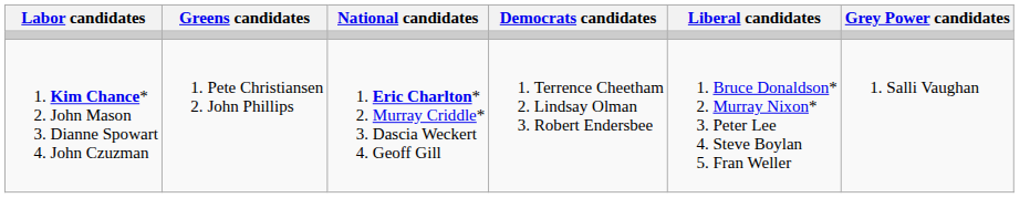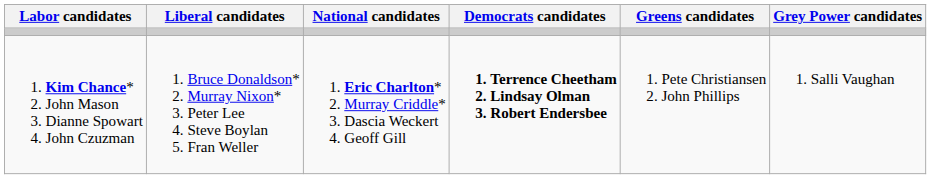 <table class="wikitable">
 <tr>
 <th><a href='#'>Labor</a> candidates</th>
-<th><a href='#'>Greens</a> candidates</th>
+<th><a href='#'>Liberal</a> candidates</th>
 <th><a href='#'>National</a> candidates</th>
 <th><a href='#'>Democrats</a> candidates</th>
-<th><a href='#'>Liberal</a> candidates</th>
+<th><a href='#'>Greens</a> candidates</th>
 <th><a href='#'>Grey Power</a> candidates</th>
 </tr>
 <tr bgcolor="#cccccc">
 <td></td>
 <td></td>
 <td></td>
 <td></td>
 <td></td>
 <td></td>
 </tr>
 <tr>
 <td><br><ol><li><strong><a href='#'>Kim Chance</a></strong>*</li><li>John Mason</li><li>Dianne Spowart</li><li>John Czuzman</li></ol></td>
+<td><br><ol><li><a href='#'>Bruce Donaldson</a>*</li><li><a href='#'>Murray Nixon</a>*</li><li>Peter Lee</li><li>Steve Boylan</li><li>Fran Weller</li></ol></td>
+<td><br><ol><li><strong><a href='#'>Eric Charlton</a></strong>*</li><li><a href='#'>Murray Criddle</a>*</li><li>Dascia Weckert</li><li>Geoff Gill</li></ol></td>
+<td valign=top><strong><br><ol><li>Terrence Cheetham</li><li>Lindsay Olman</li><li>Robert Endersbee</li></ol></strong></td>
 <td valign=top><br><ol><li>Pete Christiansen</li><li>John Phillips</li></ol></td>
-<td><br><ol><li><strong><a href='#'>Eric Charlton</a></strong>*</li><li><a href='#'>Murray Criddle</a>*</li><li>Dascia Weckert</li><li>Geoff Gill</li></ol></td>
-<td valign=top><br><ol><li>Terrence Cheetham</li><li>Lindsay Olman</li><li>Robert Endersbee</li></ol></td>
-<td><br><ol><li><a href='#'>Bruce Donaldson</a>*</li><li><a href='#'>Murray Nixon</a>*</li><li>Peter Lee</li><li>Steve Boylan</li><li>Fran Weller</li></ol></td>
 <td valign=top><br><ol><li>Salli Vaughan</li></ol></td>
 </tr>
 </table>
